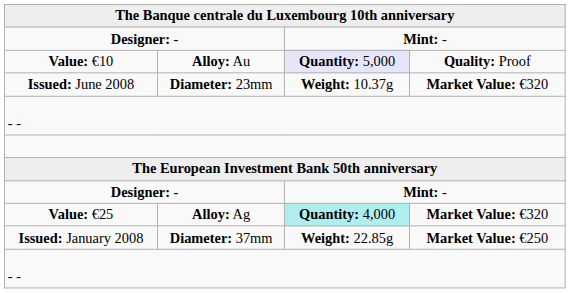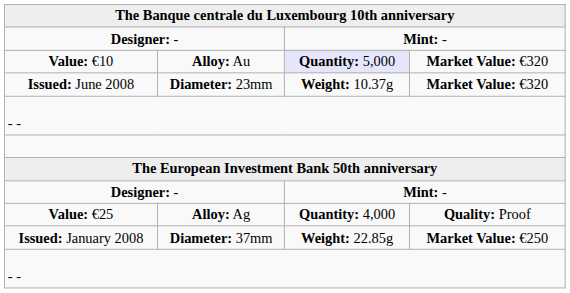 <table class="wikitable" width=100%>
 <tr>
 <th colspan="4" align=center style="background:#eeeeee;">The Banque centrale du Luxembourg 10th anniversary</th>
 </tr>
 <tr>
 <td colspan="2" width="50%" align=center><strong>Designer:</strong>	-</td>
 <td colspan="2" width="50%" align=center><strong>Mint:</strong> -</td>
 </tr>
 <tr>
 <td align=center><strong>Value:</strong>	€10</td>
 <td align=center><strong>Alloy:</strong>	Au</td>
 <td align=center style="background: lavender;"><strong>Quantity:</strong>	5,000</td>
-<td align=center><strong>Quality:</strong>	Proof</td>
+<td align=center><strong>Market Value:</strong>	€320</td>
 </tr>
 <tr>
 <td align=center><strong>Issued:</strong>	June 2008</td>
 <td align=center><strong>Diameter:</strong>	23mm</td>
 <td align=center><strong>Weight:</strong>	10.37g</td>
 <td align=center><strong>Market Value:</strong>	€320</td>
 </tr>
 <tr>
 <td colspan="5" align=left><br>-	 -</td>
 </tr>
 <tr>
 <td colspan="5" align=left> </td>
 </tr>
 <tr>
 <th colspan="4" align=center style="background:#eeeeee;">The European Investment Bank 50th anniversary</th>
 </tr>
 <tr>
 <td colspan="2" width="50%" align=center><strong>Designer:</strong>	-</td>
 <td colspan="2" width="50%" align=center><strong>Mint:</strong> -</td>
 </tr>
 <tr>
 <td align=center><strong>Value:</strong>	€25</td>
 <td align=center><strong>Alloy:</strong>	Ag</td>
-<td align=center style="background: paleturquoise;"><strong>Quantity:</strong>	4,000</td>
-<td align=center><strong>Market Value:</strong>	€320</td>
+<td align=center><strong>Quantity:</strong>	4,000</td>
+<td align=center><strong>Quality:</strong>	Proof</td>
 </tr>
 <tr>
 <td align=center><strong>Issued:</strong>	January 2008</td>
 <td align=center><strong>Diameter:</strong>	37mm</td>
 <td align=center><strong>Weight:</strong>	22.85g</td>
 <td align=center><strong>Market Value:</strong>	€250</td>
 </tr>
 <tr>
 <td colspan="5" align=left><br>-		 -</td>
 </tr>
 </table>
